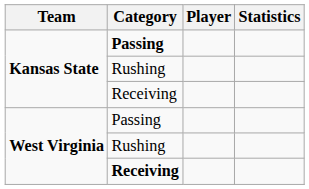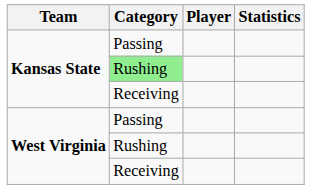 <table class="wikitable" style="float: right;">
 <tr>
 <th>Team</th>
 <th>Category</th>
 <th>Player</th>
 <th>Statistics</th>
 </tr>
 <tr>
 <td rowspan=3><strong>Kansas State</strong></td>
-<td><strong>Passing</strong></td>
+<td>Passing</td>
 <td></td>
 <td></td>
 </tr>
 <tr>
-<td>Rushing</td>
+<td style="background: lightgreen;">Rushing</td>
 <td></td>
 <td></td>
 </tr>
 <tr>
 <td>Receiving</td>
 <td></td>
 <td></td>
 </tr>
 <tr>
 <td rowspan=3><strong>West Virginia</strong></td>
 <td>Passing</td>
 <td></td>
 <td></td>
 </tr>
 <tr>
 <td>Rushing</td>
 <td></td>
 <td></td>
 </tr>
 <tr>
-<td><strong>Receiving</strong></td>
+<td>Receiving</td>
 <td></td>
 <td></td>
 </tr>
 </table>
